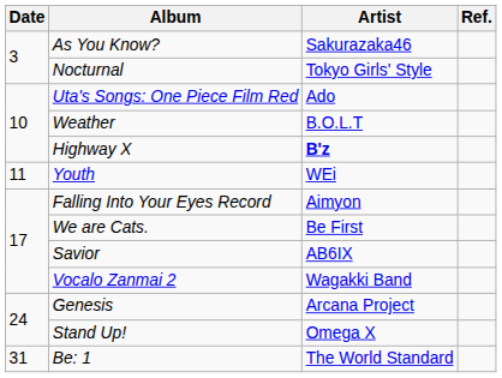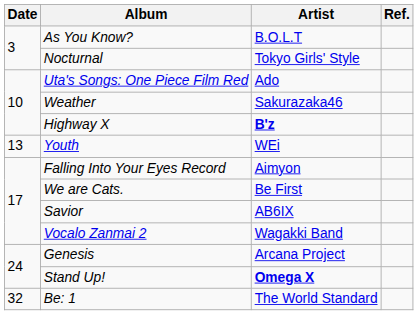 <table class="wikitable">
 <tr>
 <th>Date</th>
 <th>Album</th>
 <th>Artist</th>
 <th>Ref.</th>
 </tr>
 <tr>
 <td rowspan="2">3</td>
 <td><em>As You Know?</em></td>
-<td><a href='#'>Sakurazaka46</a></td>
+<td><a href='#'>B.O.L.T</a></td>
 <td></td>
 </tr>
 <tr>
 <td><em>Nocturnal</em></td>
 <td><a href='#'>Tokyo Girls' Style</a></td>
 <td>‌</td>
 </tr>
 <tr>
 <td rowspan="3">10</td>
 <td><em><a href='#'>Uta's Songs: One Piece Film Red</a></em></td>
 <td><a href='#'>Ado</a></td>
 <td></td>
 </tr>
 <tr>
 <td><em>Weather</em></td>
-<td><a href='#'>B.O.L.T</a></td>
+<td><a href='#'>Sakurazaka46</a></td>
 <td></td>
 </tr>
 <tr>
 <td><em>Highway X</em></td>
 <td><strong><a href='#'>B'z</a></strong></td>
 <td></td>
 </tr>
 <tr>
-<td>11</td>
+<td>13</td>
 <td><em><a href='#'>Youth</a></em></td>
 <td><a href='#'>WEi</a></td>
 <td></td>
 </tr>
 <tr>
 <td rowspan="4">17</td>
 <td><em>Falling Into Your Eyes Record</em></td>
 <td><a href='#'>Aimyon</a></td>
 <td></td>
 </tr>
 <tr>
 <td><em>We are Cats.</em></td>
 <td><a href='#'>Be First</a></td>
 <td></td>
 </tr>
 <tr>
 <td><em>Savior</em></td>
 <td><a href='#'>AB6IX</a></td>
 <td></td>
 </tr>
 <tr>
 <td><em><a href='#'>Vocalo Zanmai 2</a></em></td>
 <td><a href='#'>Wagakki Band</a></td>
 <td></td>
 </tr>
 <tr>
 <td rowspan="2">24</td>
 <td><em>Genesis</em></td>
 <td><a href='#'>Arcana Project</a></td>
 <td></td>
 </tr>
 <tr>
 <td><em>Stand Up!</em></td>
-<td><a href='#'>Omega X</a></td>
+<td><strong><a href='#'>Omega X</a></strong></td>
 <td></td>
 </tr>
 <tr>
-<td>31</td>
+<td>32</td>
 <td><em> Be: 1</em></td>
 <td><a href='#'>The World Standard</a></td>
 <td></td>
 </tr>
 </table>
